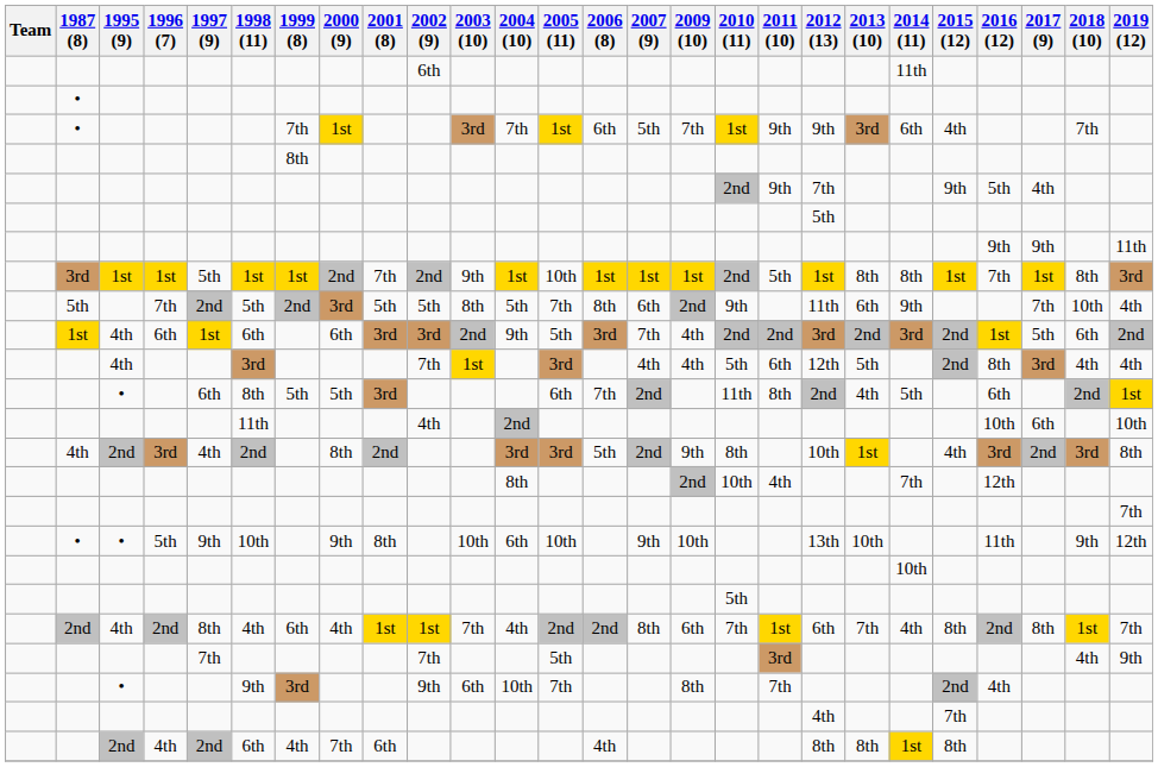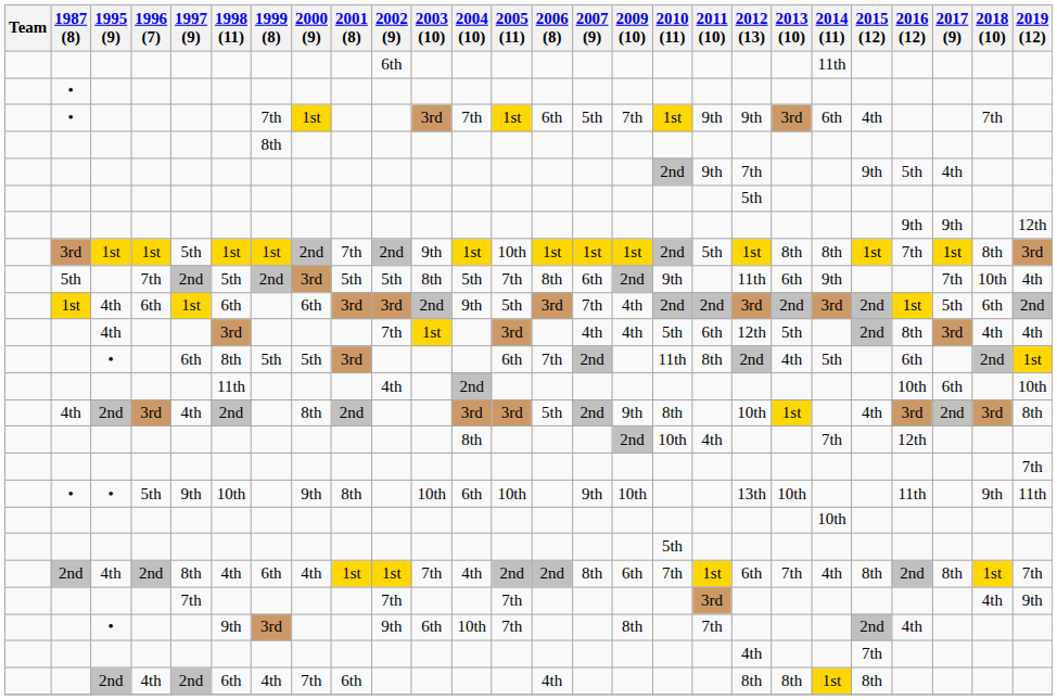 <table class="wikitable" style="text-align:center; font-size:90%">
 <tr>
 <th>Team</th>
 <th><a href='#'>1987</a><br>(8)</th>
 <th><a href='#'>1995</a><br>(9)</th>
 <th><a href='#'>1996</a><br>(7)</th>
 <th><a href='#'>1997</a><br>(9)</th>
 <th><a href='#'>1998</a><br>(11)</th>
 <th><a href='#'>1999</a><br>(8)</th>
 <th><a href='#'>2000</a><br>(9)</th>
 <th><a href='#'>2001</a><br>(8)</th>
 <th><a href='#'>2002</a><br>(9)</th>
 <th><a href='#'>2003</a><br>(10)</th>
 <th><a href='#'>2004</a><br>(10)</th>
 <th><a href='#'>2005</a><br>(11)</th>
 <th><a href='#'>2006</a><br>(8)</th>
 <th><a href='#'>2007</a><br>(9)</th>
 <th><a href='#'>2009</a><br>(10)</th>
 <th><a href='#'>2010</a><br>(11)</th>
 <th><a href='#'>2011</a><br>(10)</th>
 <th><a href='#'>2012</a><br>(13)</th>
 <th><a href='#'>2013</a><br>(10)</th>
 <th><a href='#'>2014</a><br>(11)</th>
 <th><a href='#'>2015</a><br>(12)</th>
 <th><a href='#'>2016</a><br>(12)</th>
 <th><a href='#'>2017</a><br>(9)</th>
 <th><a href='#'>2018</a><br>(10)</th>
 <th><a href='#'>2019</a><br>(12)</th>
 </tr>
 <tr>
 <td align=left></td>
 <td></td>
 <td></td>
 <td></td>
 <td></td>
 <td></td>
 <td></td>
 <td></td>
 <td></td>
 <td>6th</td>
 <td></td>
 <td></td>
 <td></td>
 <td></td>
 <td></td>
 <td></td>
 <td></td>
 <td></td>
 <td></td>
 <td></td>
 <td>11th</td>
 <td></td>
 <td></td>
 <td></td>
 <td></td>
 <td></td>
 </tr>
 <tr>
 <td align=left></td>
 <td>•</td>
 <td></td>
 <td></td>
 <td></td>
 <td></td>
 <td></td>
 <td></td>
 <td></td>
 <td></td>
 <td></td>
 <td></td>
 <td></td>
 <td></td>
 <td></td>
 <td></td>
 <td></td>
 <td></td>
 <td></td>
 <td></td>
 <td></td>
 <td></td>
 <td></td>
 <td></td>
 <td></td>
 <td></td>
 </tr>
 <tr>
 <td align=left></td>
 <td>•</td>
 <td></td>
 <td></td>
 <td></td>
 <td></td>
 <td>7th</td>
 <td bgcolor=gold>1st</td>
 <td></td>
 <td></td>
 <td bgcolor=#cc9966>3rd</td>
 <td>7th</td>
 <td bgcolor=gold>1st</td>
 <td>6th</td>
 <td>5th</td>
 <td>7th</td>
 <td bgcolor=gold>1st</td>
 <td>9th</td>
 <td>9th</td>
 <td bgcolor=#cc9966>3rd</td>
 <td>6th</td>
 <td>4th</td>
 <td></td>
 <td></td>
 <td>7th</td>
 <td></td>
 </tr>
 <tr>
 <td align=left></td>
 <td></td>
 <td></td>
 <td></td>
 <td></td>
 <td></td>
 <td>8th</td>
 <td></td>
 <td></td>
 <td></td>
 <td></td>
 <td></td>
 <td></td>
 <td></td>
 <td></td>
 <td></td>
 <td></td>
 <td></td>
 <td></td>
 <td></td>
 <td></td>
 <td></td>
 <td></td>
 <td></td>
 <td></td>
 <td></td>
 </tr>
 <tr>
 <td align=left></td>
 <td></td>
 <td></td>
 <td></td>
 <td></td>
 <td></td>
 <td></td>
 <td></td>
 <td></td>
 <td></td>
 <td></td>
 <td></td>
 <td></td>
 <td></td>
 <td></td>
 <td></td>
 <td bgcolor=silver>2nd</td>
 <td>9th</td>
 <td>7th</td>
 <td></td>
 <td></td>
 <td>9th</td>
 <td>5th</td>
 <td>4th</td>
 <td></td>
 <td></td>
 </tr>
 <tr>
 <td align=left></td>
 <td></td>
 <td></td>
 <td></td>
 <td></td>
 <td></td>
 <td></td>
 <td></td>
 <td></td>
 <td></td>
 <td></td>
 <td></td>
 <td></td>
 <td></td>
 <td></td>
 <td></td>
 <td></td>
 <td></td>
 <td>5th</td>
 <td></td>
 <td></td>
 <td></td>
 <td></td>
 <td></td>
 <td></td>
 <td></td>
 </tr>
 <tr>
 <td align=left></td>
 <td></td>
 <td></td>
 <td></td>
 <td></td>
 <td></td>
 <td></td>
 <td></td>
 <td></td>
 <td></td>
 <td></td>
 <td></td>
 <td></td>
 <td></td>
 <td></td>
 <td></td>
 <td></td>
 <td></td>
 <td></td>
 <td></td>
 <td></td>
 <td></td>
 <td>9th</td>
 <td>9th</td>
 <td></td>
-<td>11th</td>
+<td>12th</td>
 </tr>
 <tr>
 <td align=left></td>
 <td bgcolor=#cc9966>3rd</td>
 <td bgcolor=gold>1st</td>
 <td bgcolor=gold>1st</td>
 <td>5th</td>
 <td bgcolor=gold>1st</td>
 <td bgcolor=gold>1st</td>
 <td bgcolor=silver>2nd</td>
 <td>7th</td>
 <td bgcolor=silver>2nd</td>
 <td>9th</td>
 <td bgcolor=gold>1st</td>
 <td>10th</td>
 <td bgcolor=gold>1st</td>
 <td bgcolor=gold>1st</td>
 <td bgcolor=gold>1st</td>
 <td bgcolor=silver>2nd</td>
 <td>5th</td>
 <td bgcolor=gold>1st</td>
 <td>8th</td>
 <td>8th</td>
 <td bgcolor=gold>1st</td>
 <td>7th</td>
 <td bgcolor=gold>1st</td>
 <td>8th</td>
 <td bgcolor=#cc9966>3rd</td>
 </tr>
 <tr>
 <td align=left></td>
 <td>5th</td>
 <td></td>
 <td>7th</td>
 <td bgcolor=silver>2nd</td>
 <td>5th</td>
 <td bgcolor=silver>2nd</td>
 <td bgcolor=#cc9966>3rd</td>
 <td>5th</td>
 <td>5th</td>
 <td>8th</td>
 <td>5th</td>
 <td>7th</td>
 <td>8th</td>
 <td>6th</td>
 <td bgcolor=silver>2nd</td>
 <td>9th</td>
 <td></td>
 <td>11th</td>
 <td>6th</td>
 <td>9th</td>
 <td></td>
 <td></td>
 <td>7th</td>
 <td>10th</td>
 <td>4th</td>
 </tr>
 <tr>
 <td align=left></td>
 <td bgcolor=gold>1st</td>
 <td>4th</td>
 <td>6th</td>
 <td bgcolor=gold>1st</td>
 <td>6th</td>
 <td></td>
 <td>6th</td>
 <td bgcolor=cc9966>3rd</td>
 <td bgcolor=#cc9966>3rd</td>
 <td bgcolor=silver>2nd</td>
 <td>9th</td>
 <td>5th</td>
 <td bgcolor=#cc9966>3rd</td>
 <td>7th</td>
 <td>4th</td>
 <td bgcolor=silver>2nd</td>
 <td bgcolor=silver>2nd</td>
 <td bgcolor=#cc9966>3rd</td>
 <td bgcolor=silver>2nd</td>
 <td bgcolor=#cc9966>3rd</td>
 <td bgcolor=silver>2nd</td>
 <td bgcolor=gold>1st</td>
 <td>5th</td>
 <td>6th</td>
 <td bgcolor=silver>2nd</td>
 </tr>
 <tr>
 <td align=left></td>
 <td></td>
 <td>4th</td>
 <td></td>
 <td></td>
 <td bgcolor=cc9966>3rd</td>
 <td></td>
 <td></td>
 <td></td>
 <td>7th</td>
 <td bgcolor=gold>1st</td>
 <td></td>
 <td bgcolor=#cc9966>3rd</td>
 <td></td>
 <td>4th</td>
 <td>4th</td>
 <td>5th</td>
 <td>6th</td>
 <td>12th</td>
 <td>5th</td>
 <td></td>
 <td bgcolor=silver>2nd</td>
 <td>8th</td>
 <td bgcolor=#cc9966>3rd</td>
 <td>4th</td>
 <td>4th</td>
 </tr>
 <tr>
 <td align=left></td>
 <td></td>
 <td>•</td>
 <td></td>
 <td>6th</td>
 <td>8th</td>
 <td>5th</td>
 <td>5th</td>
 <td bgcolor=cc9966>3rd</td>
 <td></td>
 <td></td>
 <td></td>
 <td>6th</td>
 <td>7th</td>
 <td bgcolor=silver>2nd</td>
 <td></td>
 <td>11th</td>
 <td>8th</td>
 <td bgcolor=silver>2nd</td>
 <td>4th</td>
 <td>5th</td>
 <td></td>
 <td>6th</td>
 <td></td>
 <td bgcolor=silver>2nd</td>
 <td bgcolor=gold>1st</td>
 </tr>
 <tr>
 <td align=left></td>
 <td></td>
 <td></td>
 <td></td>
 <td></td>
 <td>11th</td>
 <td></td>
 <td></td>
 <td></td>
 <td>4th</td>
 <td></td>
 <td bgcolor=silver>2nd</td>
 <td></td>
 <td></td>
 <td></td>
 <td></td>
 <td></td>
 <td></td>
 <td></td>
 <td></td>
 <td></td>
 <td></td>
 <td>10th</td>
 <td>6th</td>
 <td></td>
 <td>10th</td>
 </tr>
 <tr>
 <td align=left></td>
 <td>4th</td>
 <td bgcolor=silver>2nd</td>
 <td bgcolor=cc9966>3rd</td>
 <td>4th</td>
 <td bgcolor=silver>2nd</td>
 <td></td>
 <td>8th</td>
 <td bgcolor=silver>2nd</td>
 <td></td>
 <td></td>
 <td bgcolor=#cc9966>3rd</td>
 <td bgcolor=#cc9966>3rd</td>
 <td>5th</td>
 <td bgcolor=silver>2nd</td>
 <td>9th</td>
 <td>8th</td>
 <td></td>
 <td>10th</td>
 <td bgcolor=gold>1st</td>
 <td></td>
 <td>4th</td>
 <td bgcolor=#cc9966>3rd</td>
 <td bgcolor=silver>2nd</td>
 <td bgcolor=#cc9966>3rd</td>
 <td>8th</td>
 </tr>
 <tr>
 <td align=left></td>
 <td></td>
 <td></td>
 <td></td>
 <td></td>
 <td></td>
 <td></td>
 <td></td>
 <td></td>
 <td></td>
 <td></td>
 <td>8th</td>
 <td></td>
 <td></td>
 <td></td>
 <td bgcolor=silver>2nd</td>
 <td>10th</td>
 <td>4th</td>
 <td></td>
 <td></td>
 <td>7th</td>
 <td></td>
 <td>12th</td>
 <td></td>
 <td></td>
 <td></td>
 </tr>
 <tr>
 <td align=left></td>
 <td></td>
 <td></td>
 <td></td>
 <td></td>
 <td></td>
 <td></td>
 <td></td>
 <td></td>
 <td></td>
 <td></td>
 <td></td>
 <td></td>
 <td></td>
 <td></td>
 <td></td>
 <td></td>
 <td></td>
 <td></td>
 <td></td>
 <td></td>
 <td></td>
 <td></td>
 <td></td>
 <td></td>
 <td>7th</td>
 </tr>
 <tr>
 <td align=left></td>
 <td>•</td>
 <td>•</td>
 <td>5th</td>
 <td>9th</td>
 <td>10th</td>
 <td></td>
 <td>9th</td>
 <td>8th</td>
 <td></td>
 <td>10th</td>
 <td>6th</td>
 <td>10th</td>
 <td></td>
 <td>9th</td>
 <td>10th</td>
 <td></td>
 <td></td>
 <td>13th</td>
 <td>10th</td>
 <td></td>
 <td></td>
 <td>11th</td>
 <td></td>
 <td>9th</td>
-<td>12th</td>
+<td>11th</td>
 </tr>
 <tr>
 <td align=left></td>
 <td></td>
 <td></td>
 <td></td>
 <td></td>
 <td></td>
 <td></td>
 <td></td>
 <td></td>
 <td></td>
 <td></td>
 <td></td>
 <td></td>
 <td></td>
 <td></td>
 <td></td>
 <td></td>
 <td></td>
 <td></td>
 <td></td>
 <td>10th</td>
 <td></td>
 <td></td>
 <td></td>
 <td></td>
 <td></td>
 </tr>
 <tr>
 <td align=left></td>
 <td></td>
 <td></td>
 <td></td>
 <td></td>
 <td></td>
 <td></td>
 <td></td>
 <td></td>
 <td></td>
 <td></td>
 <td></td>
 <td></td>
 <td></td>
 <td></td>
 <td></td>
 <td>5th</td>
 <td></td>
 <td></td>
 <td></td>
 <td></td>
 <td></td>
 <td></td>
 <td></td>
 <td></td>
 <td></td>
 </tr>
 <tr>
 <td align=left></td>
 <td bgcolor=silver>2nd</td>
 <td>4th</td>
 <td bgcolor=silver>2nd</td>
 <td>8th</td>
 <td>4th</td>
 <td>6th</td>
 <td>4th</td>
 <td bgcolor=gold>1st</td>
 <td bgcolor=gold>1st</td>
 <td>7th</td>
 <td>4th</td>
 <td bgcolor=silver>2nd</td>
 <td bgcolor=silver>2nd</td>
 <td>8th</td>
 <td>6th</td>
 <td>7th</td>
 <td bgcolor=gold>1st</td>
 <td>6th</td>
 <td>7th</td>
 <td>4th</td>
 <td>8th</td>
 <td bgcolor=silver>2nd</td>
 <td>8th</td>
 <td bgcolor=gold>1st</td>
 <td>7th</td>
 </tr>
 <tr>
 <td align=left></td>
 <td></td>
 <td></td>
 <td></td>
 <td>7th</td>
 <td></td>
 <td></td>
 <td></td>
 <td></td>
 <td>7th</td>
 <td></td>
 <td></td>
-<td>5th</td>
+<td>7th</td>
 <td></td>
 <td></td>
 <td></td>
 <td></td>
 <td bgcolor=#cc9966>3rd</td>
 <td></td>
 <td></td>
 <td></td>
 <td></td>
 <td></td>
 <td></td>
 <td>4th</td>
 <td>9th</td>
 </tr>
 <tr>
 <td align=left></td>
 <td></td>
 <td>•</td>
 <td></td>
 <td></td>
 <td>9th</td>
 <td bgcolor=#cc9966>3rd</td>
 <td></td>
 <td></td>
 <td>9th</td>
 <td>6th</td>
 <td>10th</td>
 <td>7th</td>
 <td></td>
 <td></td>
 <td>8th</td>
 <td></td>
 <td>7th</td>
 <td></td>
 <td></td>
 <td></td>
 <td 4th bgcolor=silver>2nd</td>
 <td>4th</td>
 <td></td>
 <td></td>
 <td></td>
 </tr>
 <tr>
 <td align=left></td>
 <td></td>
 <td></td>
 <td></td>
 <td></td>
 <td></td>
 <td></td>
 <td></td>
 <td></td>
 <td></td>
 <td></td>
 <td></td>
 <td></td>
 <td></td>
 <td></td>
 <td></td>
 <td></td>
 <td></td>
 <td>4th</td>
 <td></td>
 <td></td>
 <td>7th</td>
 <td></td>
 <td></td>
 <td></td>
 <td></td>
 </tr>
 <tr>
 <td align=left></td>
 <td></td>
 <td bgcolor=silver>2nd</td>
 <td>4th</td>
 <td bgcolor=silver>2nd</td>
 <td>6th</td>
 <td>4th</td>
 <td>7th</td>
 <td>6th</td>
 <td></td>
 <td></td>
 <td></td>
 <td></td>
 <td>4th</td>
 <td></td>
 <td></td>
 <td></td>
 <td></td>
 <td>8th</td>
 <td>8th</td>
 <td bgcolor=gold>1st</td>
 <td>8th</td>
 <td></td>
 <td></td>
 <td></td>
 <td></td>
 </tr>
 <tr>
 </tr>
 </table>
